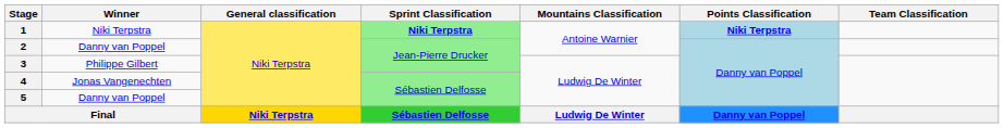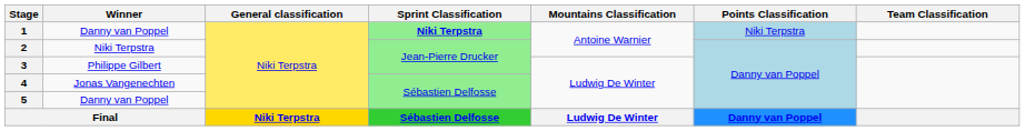 <table class="wikitable" style="text-align: center; font-size:smaller;">
 <tr style="background:#efefef;">
 <th style="width:1%;">Stage</th>
 <th style="width:12%;">Winner</th>
 <th style="width:12%;">General classification<br></th>
 <th style="width:12%;">Sprint Classification<br></th>
 <th style="width:12%;">Mountains Classification<br></th>
 <th style="width:12%;">Points Classification<br></th>
 <th style="width:12%;">Team Classification</th>
 </tr>
 <tr>
 <th>1</th>
-<td><a href='#'>Niki Terpstra</a></td>
+<td><a href='#'>Danny van Poppel</a></td>
 <td style="background:#FFEA66;" rowspan=5><a href='#'>Niki Terpstra</a></td>
 <td style="background:lightgreen;"><strong><a href='#'>Niki Terpstra</a></strong></td>
 <td style="background:offwhite;" rowspan=2><a href='#'>Antoine Warnier</a></td>
-<td style="background:lightblue;"><strong><a href='#'>Niki Terpstra</a></strong></td>
+<td style="background:lightblue;"><a href='#'>Niki Terpstra</a></td>
 <td></td>
 </tr>
 <tr>
 <th>2</th>
-<td><a href='#'>Danny van Poppel</a></td>
+<td><a href='#'>Niki Terpstra</a></td>
 <td style="background:lightgreen;" rowspan=2><a href='#'>Jean-Pierre Drucker</a></td>
 <td style="background:lightblue;" rowspan=4><a href='#'>Danny van Poppel</a></td>
 <td></td>
 </tr>
 <tr>
 <th>3</th>
 <td><a href='#'>Philippe Gilbert</a></td>
 <td style="background:offwhite;" rowspan=3><a href='#'>Ludwig De Winter</a></td>
 <td rowspan=3></td>
 </tr>
 <tr>
 <th>4</th>
 <td><a href='#'>Jonas Vangenechten</a></td>
 <td style="background:lightgreen;" rowspan=2><a href='#'>Sébastien Delfosse</a></td>
 </tr>
 <tr>
 <th>5</th>
 <td><a href='#'>Danny van Poppel</a></td>
 </tr>
 <tr>
 <th colspan=2>Final</th>
 <th style="background:gold"><a href='#'>Niki Terpstra</a></th>
 <th style="background:limegreen"><a href='#'>Sébastien Delfosse</a></th>
 <th style="background:offwhite"><a href='#'>Ludwig De Winter</a></th>
 <th style="background:dodgerblue"><a href='#'>Danny van Poppel</a></th>
 <th></th>
 </tr>
 </table>
